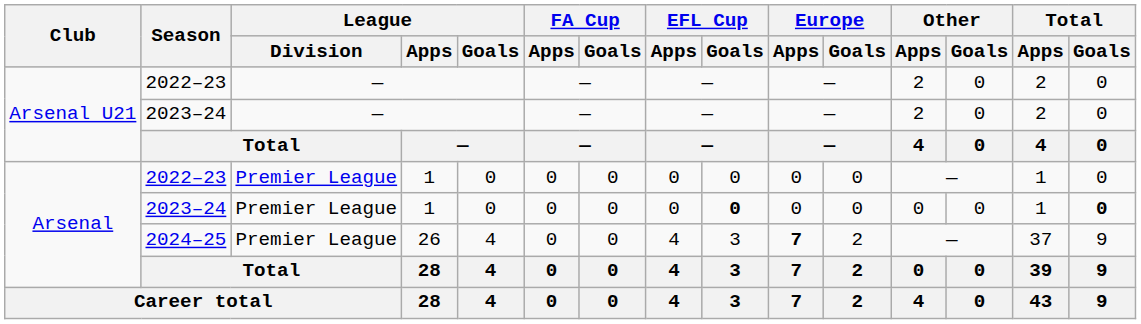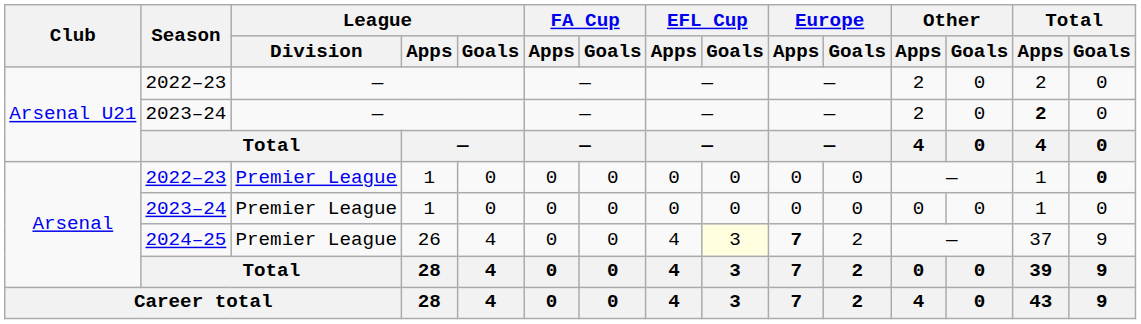 <table class="wikitable" style="text-align: center;">
 <tr>
 <th rowspan="2">Club</th>
 <th rowspan="2">Season</th>
 <th colspan="3">League</th>
 <th colspan="2"><a href='#'>FA Cup</a></th>
 <th colspan="2"><a href='#'>EFL Cup</a></th>
 <th colspan="2"><a href='#'>Europe</a></th>
 <th colspan="2">Other</th>
 <th colspan="2">Total</th>
 </tr>
 <tr>
 <th>Division</th>
 <th>Apps</th>
 <th>Goals</th>
 <th>Apps</th>
 <th>Goals</th>
 <th>Apps</th>
 <th>Goals</th>
 <th>Apps</th>
 <th>Goals</th>
 <th>Apps</th>
 <th>Goals</th>
 <th>Apps</th>
 <th>Goals</th>
 </tr>
 <tr>
 <td rowspan="3"><a href='#'>Arsenal U21</a></td>
 <td>2022–23</td>
 <td colspan="3">—</td>
 <td colspan="2">—</td>
 <td colspan="2">—</td>
 <td colspan="2">—</td>
 <td>2</td>
 <td>0</td>
 <td>2</td>
 <td>0</td>
 </tr>
 <tr>
 <td>2023–24</td>
 <td colspan="3">—</td>
 <td colspan="2">—</td>
 <td colspan="2">—</td>
 <td colspan="2">—</td>
 <td>2</td>
 <td>0</td>
-<td>2</td>
+<td><strong>2</strong></td>
 <td>0</td>
 </tr>
 <tr>
 <th colspan="2">Total</th>
 <th colspan="2">—</th>
 <th colspan="2">—</th>
 <th colspan="2">—</th>
 <th colspan="2">—</th>
 <th>4</th>
 <th>0</th>
 <th>4</th>
 <th>0</th>
 </tr>
 <tr>
 <td rowspan="4"><a href='#'>Arsenal</a></td>
 <td><a href='#'>2022–23</a></td>
 <td><a href='#'>Premier League</a></td>
 <td>1</td>
 <td>0</td>
 <td>0</td>
 <td>0</td>
 <td>0</td>
 <td>0</td>
 <td>0</td>
 <td>0</td>
 <td colspan="2">—</td>
 <td>1</td>
-<td>0</td>
+<td><strong>0</strong></td>
 </tr>
 <tr>
 <td><a href='#'>2023–24</a></td>
 <td>Premier League</td>
 <td>1</td>
 <td>0</td>
 <td>0</td>
 <td>0</td>
 <td>0</td>
-<td><strong>0</strong></td>
+<td>0</td>
 <td>0</td>
 <td>0</td>
 <td>0</td>
 <td>0</td>
 <td>1</td>
-<td><strong>0</strong></td>
+<td>0</td>
 </tr>
 <tr>
 <td><a href='#'>2024–25</a></td>
 <td>Premier League</td>
 <td>26</td>
 <td>4</td>
 <td>0</td>
 <td>0</td>
 <td>4</td>
-<td>3</td>
+<td style="background: lightyellow;">3</td>
 <td><strong>7</strong></td>
 <td>2</td>
 <td colspan="2">—</td>
 <td>37</td>
 <td>9</td>
 </tr>
 <tr>
 <th colspan="2">Total</th>
 <th>28</th>
 <th>4</th>
 <th>0</th>
 <th>0</th>
 <th>4</th>
 <th>3</th>
 <th>7</th>
 <th>2</th>
 <th>0</th>
 <th>0</th>
 <th>39</th>
 <th>9</th>
 </tr>
 <tr>
 <th colspan="3">Career total</th>
 <th>28</th>
 <th>4</th>
 <th>0</th>
 <th>0</th>
 <th>4</th>
 <th>3</th>
 <th>7</th>
 <th>2</th>
 <th>4</th>
 <th>0</th>
 <th>43</th>
 <th>9</th>
 </tr>
 </table>
